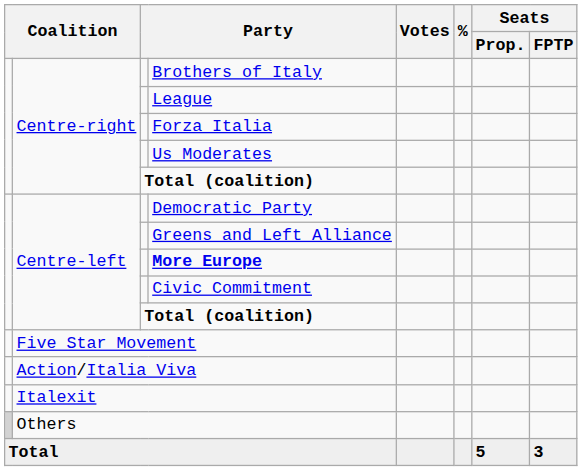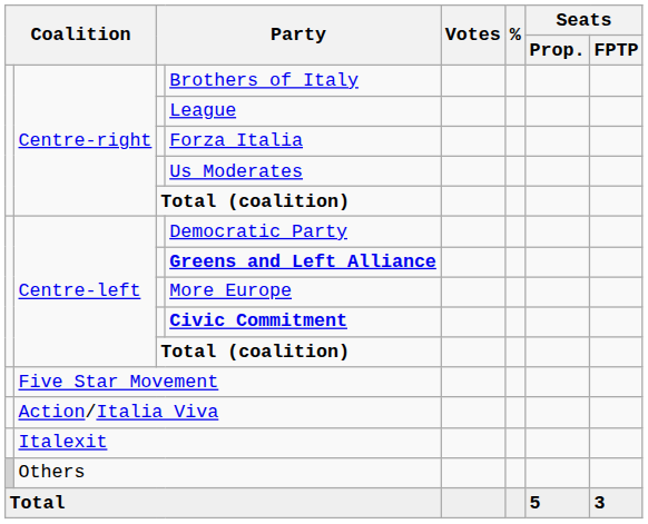 <table class="wikitable">
 <tr>
 <th colspan="2" rowspan="2">Coalition</th>
 <th colspan="2" rowspan="2">Party</th>
 <th rowspan="2">Votes</th>
 <th rowspan="2">%</th>
 <th colspan="2">Seats</th>
 </tr>
 <tr>
 <th>Prop.</th>
 <th>FPTP</th>
 </tr>
 <tr>
 <td rowspan="5" bgcolor=></td>
 <td rowspan="5"><a href='#'>Centre-right</a></td>
 <td bgcolor=></td>
 <td><a href='#'>Brothers of Italy</a></td>
 <td></td>
 <td></td>
 <td></td>
 <td></td>
 </tr>
 <tr>
 <td bgcolor=></td>
 <td><a href='#'>League</a></td>
 <td></td>
 <td></td>
 <td></td>
 <td></td>
 </tr>
 <tr>
 <td bgcolor=></td>
 <td><a href='#'>Forza Italia</a></td>
 <td></td>
 <td></td>
 <td></td>
 <td></td>
 </tr>
 <tr>
 <td bgcolor=></td>
 <td><a href='#'>Us Moderates</a></td>
 <td></td>
 <td></td>
 <td></td>
 <td></td>
 </tr>
 <tr>
 <td colspan="2"><strong>Total (coalition)</strong></td>
 <td></td>
 <td></td>
 <td></td>
 <td></td>
 </tr>
 <tr>
 <td rowspan="5" bgcolor=></td>
 <td rowspan="5"><a href='#'>Centre-left</a></td>
 <td bgcolor=></td>
 <td><a href='#'>Democratic Party</a></td>
 <td></td>
 <td></td>
 <td></td>
 <td></td>
 </tr>
 <tr>
 <td bgcolor=></td>
-<td><a href='#'>Greens and Left Alliance</a></td>
+<td><strong><a href='#'>Greens and Left Alliance</a></strong></td>
 <td></td>
 <td></td>
 <td></td>
 <td></td>
 </tr>
 <tr>
 <td></td>
-<td><strong><a href='#'>More Europe</a></strong></td>
+<td><a href='#'>More Europe</a></td>
 <td></td>
 <td></td>
 <td></td>
 <td></td>
 </tr>
 <tr>
 <td bgcolor=></td>
-<td><a href='#'>Civic Commitment</a></td>
+<td><strong><a href='#'>Civic Commitment</a></strong></td>
 <td></td>
 <td></td>
 <td></td>
 <td></td>
 </tr>
 <tr>
 <td colspan="2"><strong>Total (coalition)</strong></td>
 <td></td>
 <td></td>
 <td></td>
 <td></td>
 </tr>
 <tr>
 <td bgcolor=></td>
 <td colspan="3"><a href='#'>Five Star Movement</a></td>
 <td></td>
 <td></td>
 <td></td>
 <td></td>
 </tr>
 <tr>
 <td bgcolor=></td>
 <td colspan="3"><a href='#'>Action</a>/<a href='#'>Italia Viva</a></td>
 <td></td>
 <td></td>
 <td></td>
 <td></td>
 </tr>
 <tr>
 <td bgcolor=></td>
 <td colspan="3"><a href='#'>Italexit</a></td>
 <td></td>
 <td></td>
 <td></td>
 <td></td>
 </tr>
 <tr>
 <td bgcolor=lightgrey></td>
 <td colspan="3">Others</td>
 <td></td>
 <td></td>
 <td></td>
 <td></td>
 </tr>
 <tr bgcolor=#efefef>
 <td colspan="4"><strong>Total</strong></td>
 <td></td>
 <td></td>
 <td><strong>5</strong></td>
 <td><strong>3</strong></td>
 </tr>
 </table>
